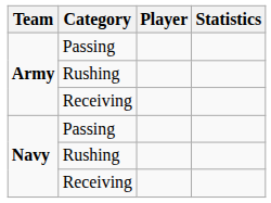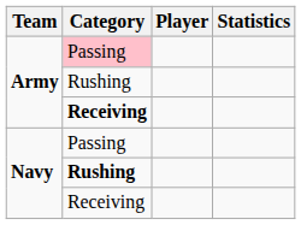 <table class="wikitable" style="float: right;">
 <tr>
 <th>Team</th>
 <th>Category</th>
 <th>Player</th>
 <th>Statistics</th>
 </tr>
 <tr>
 <td rowspan=3><strong>Army</strong></td>
-<td>Passing</td>
+<td style="background: pink;">Passing</td>
 <td></td>
 <td></td>
 </tr>
 <tr>
 <td>Rushing</td>
 <td></td>
 <td></td>
 </tr>
 <tr>
-<td>Receiving</td>
+<td><strong>Receiving</strong></td>
 <td></td>
 <td></td>
 </tr>
 <tr>
 <td rowspan=3><strong>Navy</strong></td>
 <td>Passing</td>
 <td></td>
 <td></td>
 </tr>
 <tr>
-<td>Rushing</td>
+<td><strong>Rushing</strong></td>
 <td></td>
 <td></td>
 </tr>
 <tr>
 <td>Receiving</td>
 <td></td>
 <td></td>
 </tr>
 </table>
